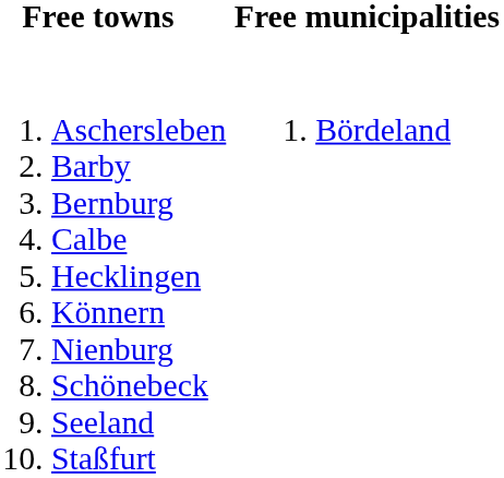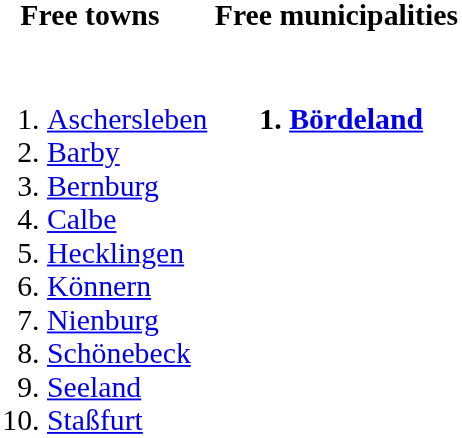 <table>
 <tr ---->
 <th>Free towns</th>
 <th>Free municipalities</th>
 </tr>
 <tr>
 <td valign=top><br><ol><li><a href='#'>Aschersleben</a></li><li><a href='#'>Barby</a></li><li><a href='#'>Bernburg</a></li><li><a href='#'>Calbe</a></li><li><a href='#'>Hecklingen</a></li><li><a href='#'>Könnern</a></li><li><a href='#'>Nienburg</a></li><li><a href='#'>Schönebeck</a></li><li><a href='#'>Seeland</a></li><li><a href='#'>Staßfurt</a></li></ol></td>
-<td valign=top><br><ol><li><a href='#'>Bördeland</a></li></ol></td>
+<td valign=top><strong><br><ol><li><a href='#'>Bördeland</a></li></ol></strong></td>
 </tr>
 </table>
